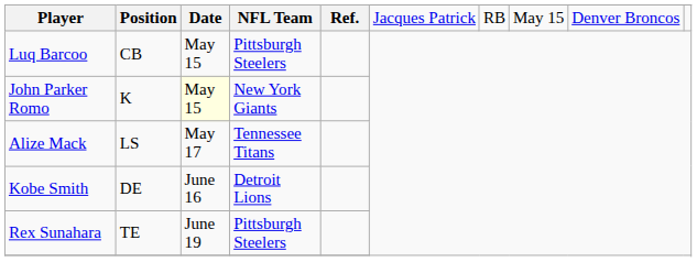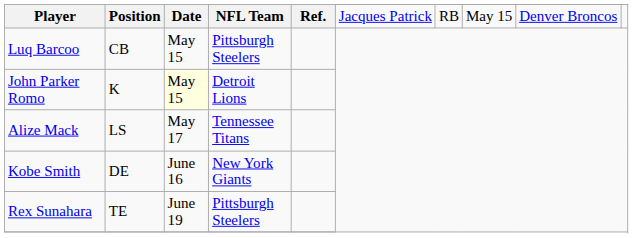 <table class="wikitable sortable">
 <tr>
 <th rowspan="2" width="100">Player</th>
 <th rowspan="2" width="40">Position</th>
 <th rowspan="2" width="40">Date</th>
 <th rowspan="2" width="80">NFL Team</th>
 <th rowspan="2" width="40">Ref.</th>
 </tr>
 <tr>
 <td><a href='#'>Jacques Patrick</a></td>
 <td>RB</td>
 <td>May 15</td>
 <td><a href='#'>Denver Broncos</a></td>
 <td></td>
 </tr>
 <tr>
 <td><a href='#'>Luq Barcoo</a></td>
 <td>CB</td>
 <td>May 15</td>
 <td><a href='#'>Pittsburgh Steelers</a></td>
 <td></td>
 </tr>
 <tr>
 <td><a href='#'>John Parker Romo</a></td>
 <td>K</td>
 <td style="background: lightyellow;">May 15</td>
-<td><a href='#'>New York Giants</a></td>
+<td><a href='#'>Detroit Lions</a></td>
 <td></td>
 </tr>
 <tr>
 <td><a href='#'>Alize Mack</a></td>
 <td>LS</td>
 <td>May 17</td>
 <td><a href='#'>Tennessee Titans</a></td>
 <td></td>
 </tr>
 <tr>
 <td><a href='#'>Kobe Smith</a></td>
 <td>DE</td>
 <td>June 16</td>
-<td><a href='#'>Detroit Lions</a></td>
+<td><a href='#'>New York Giants</a></td>
 <td></td>
 </tr>
 <tr>
 <td><a href='#'>Rex Sunahara</a></td>
 <td>TE</td>
 <td>June 19</td>
 <td><a href='#'>Pittsburgh Steelers</a></td>
 <td></td>
 </tr>
 <tr>
 </tr>
 </table>
